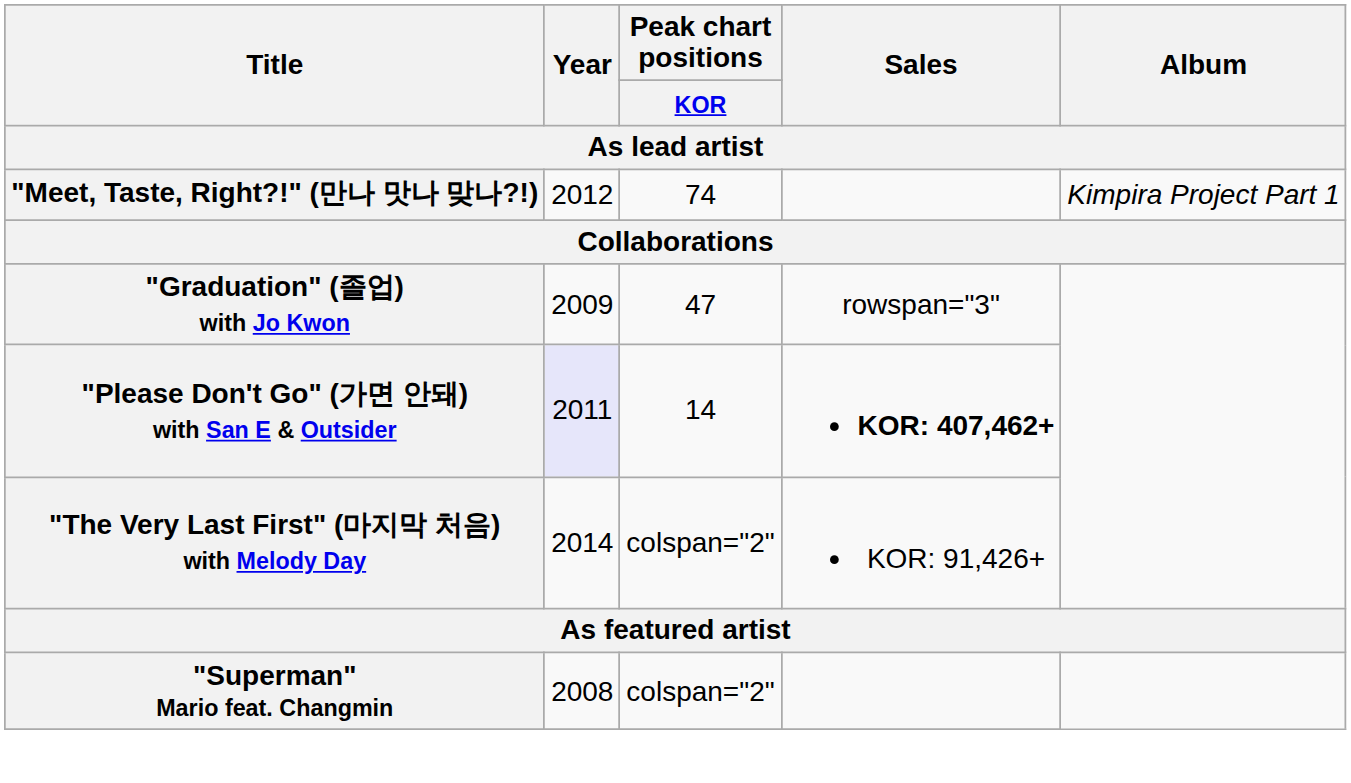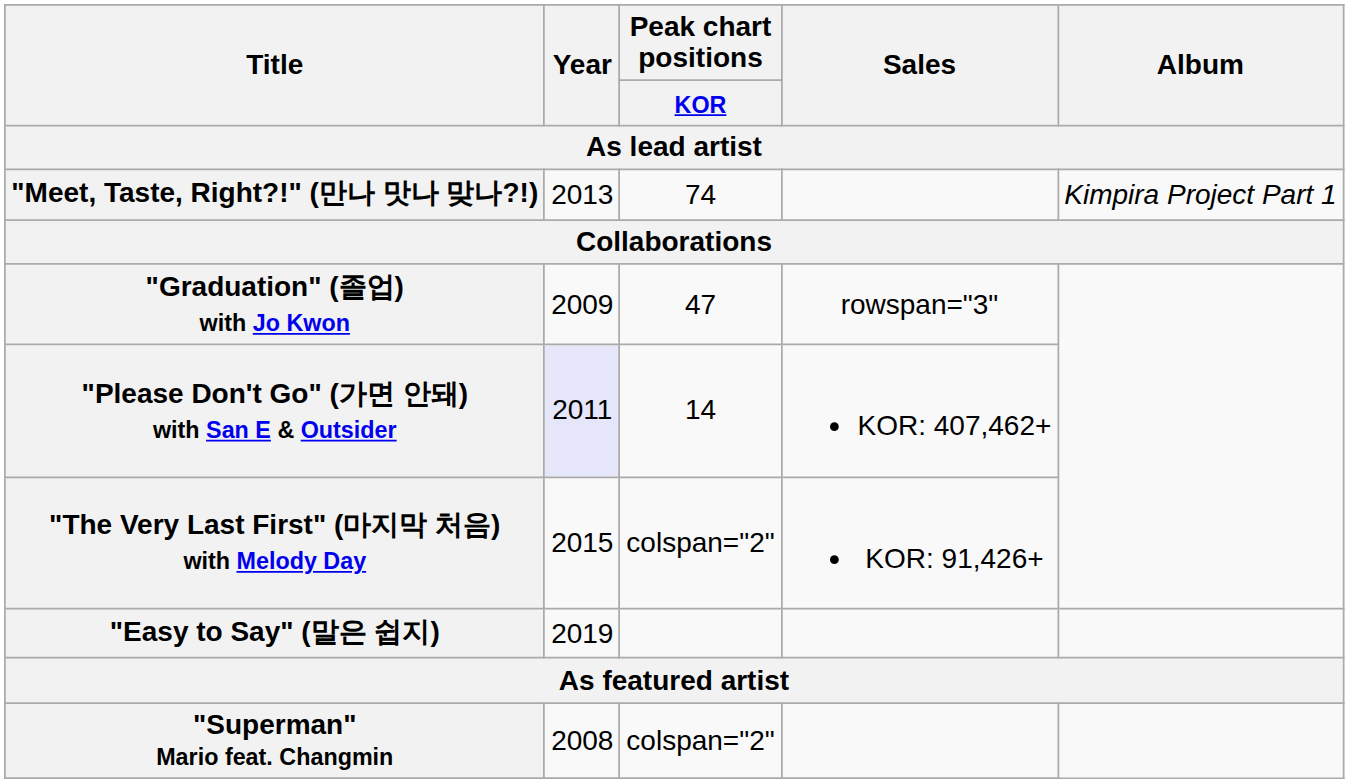 <table class="wikitable plainrowheaders" style="text-align:center;">
 <tr>
 <th rowspan="2" scope="col">Title</th>
 <th rowspan="2" scope="col">Year</th>
 <th colspan="1" scope="col" style="width:5em;">Peak chart positions</th>
 <th rowspan="2" scope="col">Sales</th>
 <th rowspan="2" scope="col">Album</th>
 </tr>
 <tr>
 <th><small><a href='#'>KOR</a></small><br></th>
 </tr>
 <tr>
 <th colspan="5">As lead artist</th>
 </tr>
 <tr>
 <th scope="row">"Meet, Taste, Right?!" (만나 맛나 맞나?!)</th>
-<td>2012</td>
+<td>2013</td>
 <td>74</td>
 <td></td>
 <td><em>Kimpira Project Part 1</em></td>
 </tr>
 <tr>
 <th colspan="5">Collaborations</th>
 </tr>
 <tr>
 <th scope="row">"Graduation" (졸업)<br><small>with <a href='#'>Jo Kwon</a></small></th>
 <td>2009</td>
 <td>47</td>
 <td>rowspan="3" </td>
 </tr>
 <tr>
 <th scope="row">"Please Don't Go" (가면 안돼)<br><small>with <a href='#'>San E</a> & <a href='#'>Outsider</a></small></th>
 <td style="background: lavender;">2011</td>
 <td>14</td>
-<td><strong><br><ul><li>KOR: 407,462+</li></ul></strong></td>
+<td><br><ul><li>KOR: 407,462+</li></ul></td>
 </tr>
 <tr>
 <th scope="row">"The Very Last First" (마지막 처음)<br><small>with <a href='#'>Melody Day</a></small></th>
-<td>2014</td>
+<td>2015</td>
 <td>colspan="2" </td>
 <td><br><ul><li>KOR: 91,426+</li></ul></td>
+</tr>
+<tr>
+<th scope="row">"Easy to Say" (말은 쉽지)</th>
+<td>2019</td>
+<td></td>
+<td></td>
+<td></td>
 </tr>
 <tr>
 <th colspan="5">As featured artist</th>
 </tr>
 <tr>
 <th scope="row">"Superman"<br><small>Mario feat. Changmin</small></th>
 <td>2008</td>
 <td>colspan="2" </td>
 <td></td>
 </tr>
 <tr>
 </tr>
 </table>
